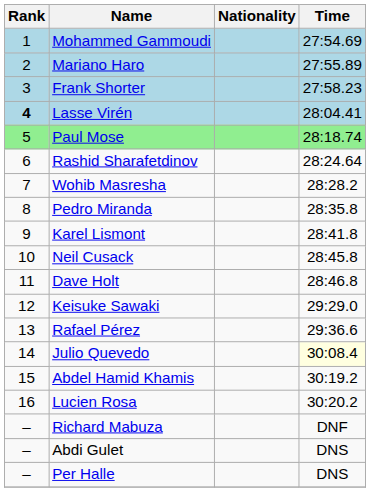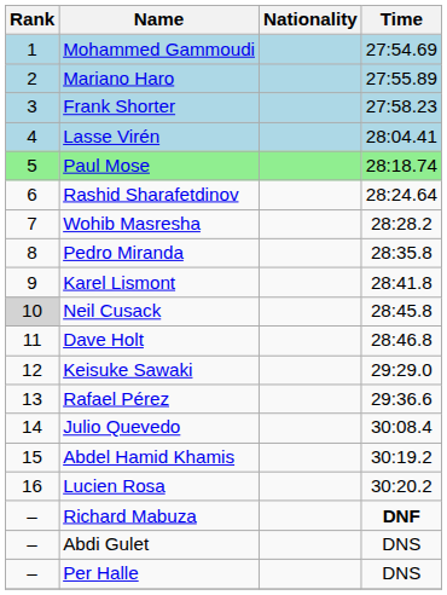 <table class="wikitable sortable" style="text-align:center">
 <tr>
 <th>Rank</th>
 <th>Name</th>
 <th>Nationality</th>
 <th>Time</th>
 </tr>
 <tr bgcolor=lightblue>
 <td>1</td>
 <td align=left><a href='#'>Mohammed Gammoudi</a></td>
 <td align=left></td>
 <td>27:54.69</td>
 </tr>
 <tr bgcolor=lightblue>
 <td>2</td>
 <td align=left><a href='#'>Mariano Haro</a></td>
 <td align=left></td>
 <td>27:55.89</td>
 </tr>
 <tr bgcolor=lightblue>
 <td>3</td>
 <td align=left><a href='#'>Frank Shorter</a></td>
 <td align="left"></td>
 <td>27:58.23</td>
 </tr>
 <tr bgcolor=lightblue>
-<td><strong>4</strong></td>
+<td>4</td>
 <td align=left><a href='#'>Lasse Virén</a></td>
 <td align=left></td>
 <td>28:04.41</td>
 </tr>
 <tr bgcolor=lightgreen>
 <td>5</td>
 <td align=left><a href='#'>Paul Mose</a></td>
 <td align=left></td>
 <td>28:18.74</td>
 </tr>
 <tr>
 <td>6</td>
 <td align=left><a href='#'>Rashid Sharafetdinov</a></td>
 <td align=left></td>
 <td>28:24.64</td>
 </tr>
 <tr>
 <td>7</td>
 <td align=left><a href='#'>Wohib Masresha</a></td>
 <td align=left></td>
 <td>28:28.2</td>
 </tr>
 <tr>
 <td>8</td>
 <td align=left><a href='#'>Pedro Miranda</a></td>
 <td align=left></td>
 <td>28:35.8</td>
 </tr>
 <tr>
 <td>9</td>
 <td align=left><a href='#'>Karel Lismont</a></td>
 <td align=left></td>
 <td>28:41.8</td>
 </tr>
 <tr>
-<td>10</td>
+<td style="background: lightgrey;">10</td>
 <td align=left><a href='#'>Neil Cusack</a></td>
 <td align=left></td>
 <td>28:45.8</td>
 </tr>
 <tr>
 <td>11</td>
 <td align=left><a href='#'>Dave Holt</a></td>
 <td align=left></td>
 <td>28:46.8</td>
 </tr>
 <tr>
 <td>12</td>
 <td align=left><a href='#'>Keisuke Sawaki</a></td>
 <td align=left></td>
 <td>29:29.0</td>
 </tr>
 <tr>
 <td>13</td>
 <td align=left><a href='#'>Rafael Pérez</a></td>
 <td align=left></td>
 <td>29:36.6</td>
 </tr>
 <tr>
 <td>14</td>
 <td align=left><a href='#'>Julio Quevedo</a></td>
 <td align=left></td>
-<td style="background: lightyellow;">30:08.4</td>
+<td>30:08.4</td>
 </tr>
 <tr>
 <td>15</td>
 <td align=left><a href='#'>Abdel Hamid Khamis</a></td>
 <td align=left></td>
 <td>30:19.2</td>
 </tr>
 <tr>
 <td>16</td>
 <td align=left><a href='#'>Lucien Rosa</a></td>
 <td align=left></td>
 <td>30:20.2</td>
 </tr>
 <tr>
 <td>–</td>
 <td align=left><a href='#'>Richard Mabuza</a></td>
 <td align=left></td>
-<td>DNF</td>
+<td><strong>DNF</strong></td>
 </tr>
 <tr>
 <td>–</td>
 <td align=left>Abdi Gulet</td>
 <td align=left></td>
 <td>DNS</td>
 </tr>
 <tr>
 <td>–</td>
 <td align=left><a href='#'>Per Halle</a></td>
 <td align=left></td>
 <td>DNS</td>
 </tr>
 <tr>
 </tr>
 </table>
